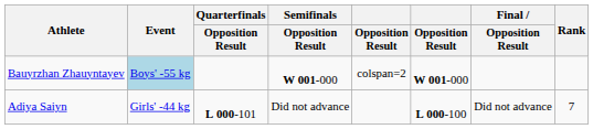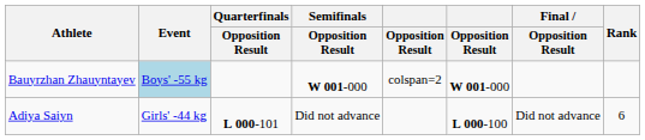 <table class="wikitable" style="font-size:90%">
 <tr>
 <th rowspan="2">Athlete</th>
 <th rowspan="2">Event</th>
 <th>Quarterfinals</th>
 <th>Semifinals</th>
 <th></th>
 <th></th>
 <th>Final / </th>
 <th rowspan=2>Rank</th>
 </tr>
 <tr style="font-size:95%">
 <th>Opposition<br>Result</th>
 <th>Opposition<br>Result</th>
 <th>Opposition<br>Result</th>
 <th>Opposition<br>Result</th>
 <th>Opposition<br>Result</th>
 </tr>
 <tr align=center>
 <td align=left><a href='#'>Bauyrzhan Zhauyntayev</a></td>
 <td align=left style="background: lightblue;"><a href='#'>Boys' -55 kg</a></td>
 <td></td>
 <td><br><strong>W</strong> <strong>001</strong>-000</td>
 <td>colspan=2 </td>
 <td><br><strong>W</strong> <strong>001</strong>-000</td>
 <td></td>
 </tr>
 <tr align=center>
 <td align=left><a href='#'>Adiya Saiyn</a></td>
 <td align=left><a href='#'>Girls' -44 kg</a></td>
 <td><br><strong>L</strong> <strong>000</strong>-101</td>
 <td>Did not advance</td>
 <td></td>
 <td><br><strong>L</strong> <strong>000</strong>-100</td>
 <td>Did not advance</td>
-<td>7</td>
+<td>6</td>
 </tr>
 </table>
